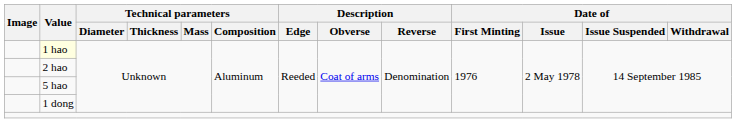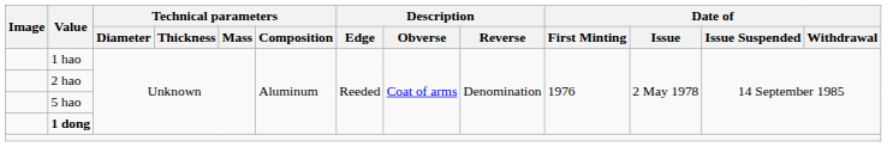 <table class="wikitable">
 <tr>
 <th rowspan=2>Image</th>
 <th rowspan=2>Value</th>
 <th colspan=4>Technical parameters</th>
 <th colspan=3>Description</th>
 <th colspan=4>Date of</th>
 </tr>
 <tr>
 <th>Diameter</th>
 <th>Thickness</th>
 <th>Mass</th>
 <th>Composition</th>
 <th>Edge</th>
 <th>Obverse</th>
 <th>Reverse</th>
 <th>First Minting</th>
 <th>Issue</th>
 <th>Issue Suspended</th>
 <th>Withdrawal</th>
 </tr>
 <tr>
 <td style="text-align:center"></td>
-<td style="background: lightyellow;">1 hao</td>
+<td>1 hao</td>
 <td colspan="3" rowspan="4" style="text-align:center;">Unknown</td>
 <td rowspan=4>Aluminum</td>
 <td rowspan=4>Reeded</td>
 <td rowspan=4><a href='#'>Coat of arms</a></td>
 <td rowspan=4>Denomination</td>
 <td rowspan=4>1976</td>
 <td rowspan=4>2 May 1978</td>
 <td colspan="2" rowspan="4" style="text-align:center;">14 September 1985</td>
 </tr>
 <tr>
 <td style="text-align:center"></td>
 <td>2 hao</td>
 </tr>
 <tr>
 <td style="text-align:center"></td>
 <td>5 hao</td>
 </tr>
 <tr>
 <td style="text-align:center"></td>
-<td>1 dong</td>
+<td><strong>1 dong</strong></td>
 </tr>
 <tr>
 <td colspan=13></td>
 </tr>
 </table>
